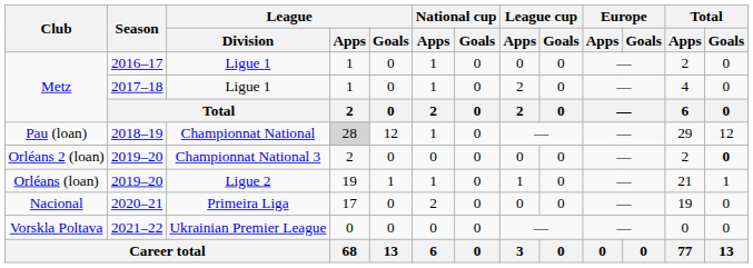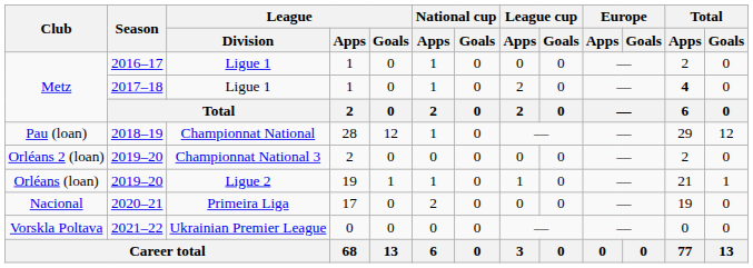 <table class="wikitable" style="text-align:center">
 <tr>
 <th rowspan="2">Club</th>
 <th rowspan="2">Season</th>
 <th colspan="3">League</th>
 <th colspan="2">National cup</th>
 <th colspan="2">League cup</th>
 <th colspan="2">Europe</th>
 <th colspan="2">Total</th>
 </tr>
 <tr>
 <th>Division</th>
 <th>Apps</th>
 <th>Goals</th>
 <th>Apps</th>
 <th>Goals</th>
 <th>Apps</th>
 <th>Goals</th>
 <th>Apps</th>
 <th>Goals</th>
 <th>Apps</th>
 <th>Goals</th>
 </tr>
 <tr>
 <td rowspan="3"><a href='#'>Metz</a></td>
 <td><a href='#'>2016–17</a></td>
 <td><a href='#'>Ligue 1</a></td>
 <td>1</td>
 <td>0</td>
 <td>1</td>
 <td>0</td>
 <td>0</td>
 <td>0</td>
 <td colspan="2">—</td>
 <td>2</td>
 <td>0</td>
 </tr>
 <tr>
 <td><a href='#'>2017–18</a></td>
 <td>Ligue 1</td>
 <td>1</td>
 <td>0</td>
 <td>1</td>
 <td>0</td>
 <td>2</td>
 <td>0</td>
 <td colspan="2">—</td>
-<td>4</td>
+<td><strong>4</strong></td>
 <td>0</td>
 </tr>
 <tr>
 <th colspan="2">Total</th>
 <th>2</th>
 <th>0</th>
 <th>2</th>
 <th>0</th>
 <th>2</th>
 <th>0</th>
 <th colspan="2">—</th>
 <th>6</th>
 <th>0</th>
 </tr>
 <tr>
 <td><a href='#'>Pau</a> (loan)</td>
 <td><a href='#'>2018–19</a></td>
 <td><a href='#'>Championnat National</a></td>
-<td style="background: lightgrey;">28</td>
+<td>28</td>
 <td>12</td>
 <td>1</td>
 <td>0</td>
 <td colspan="2">—</td>
 <td colspan="2">—</td>
 <td>29</td>
 <td>12</td>
 </tr>
 <tr>
 <td><a href='#'>Orléans 2</a> (loan)</td>
 <td><a href='#'>2019–20</a></td>
 <td><a href='#'>Championnat National 3</a></td>
 <td>2</td>
 <td>0</td>
 <td>0</td>
 <td>0</td>
 <td>0</td>
 <td>0</td>
 <td colspan="2">—</td>
 <td>2</td>
-<td><strong>0</strong></td>
+<td>0</td>
 </tr>
 <tr>
 <td><a href='#'>Orléans</a> (loan)</td>
 <td><a href='#'>2019–20</a></td>
 <td><a href='#'>Ligue 2</a></td>
 <td>19</td>
 <td>1</td>
 <td>1</td>
 <td>0</td>
 <td>1</td>
 <td>0</td>
 <td colspan="2">—</td>
 <td>21</td>
 <td>1</td>
 </tr>
 <tr>
 <td><a href='#'>Nacional</a></td>
 <td><a href='#'>2020–21</a></td>
 <td><a href='#'>Primeira Liga</a></td>
 <td>17</td>
 <td>0</td>
 <td>2</td>
 <td>0</td>
 <td>0</td>
 <td>0</td>
 <td colspan="2">—</td>
 <td>19</td>
 <td>0</td>
 </tr>
 <tr>
 <td><a href='#'>Vorskla Poltava</a></td>
 <td><a href='#'>2021–22</a></td>
 <td><a href='#'>Ukrainian Premier League</a></td>
 <td>0</td>
 <td>0</td>
 <td>0</td>
 <td>0</td>
 <td colspan="2">—</td>
 <td colspan="2">—</td>
 <td>0</td>
 <td>0</td>
 </tr>
 <tr>
 <th colspan="3">Career total</th>
 <th>68</th>
 <th>13</th>
 <th>6</th>
 <th>0</th>
 <th>3</th>
 <th>0</th>
 <th>0</th>
 <th>0</th>
 <th>77</th>
 <th>13</th>
 </tr>
 </table>
